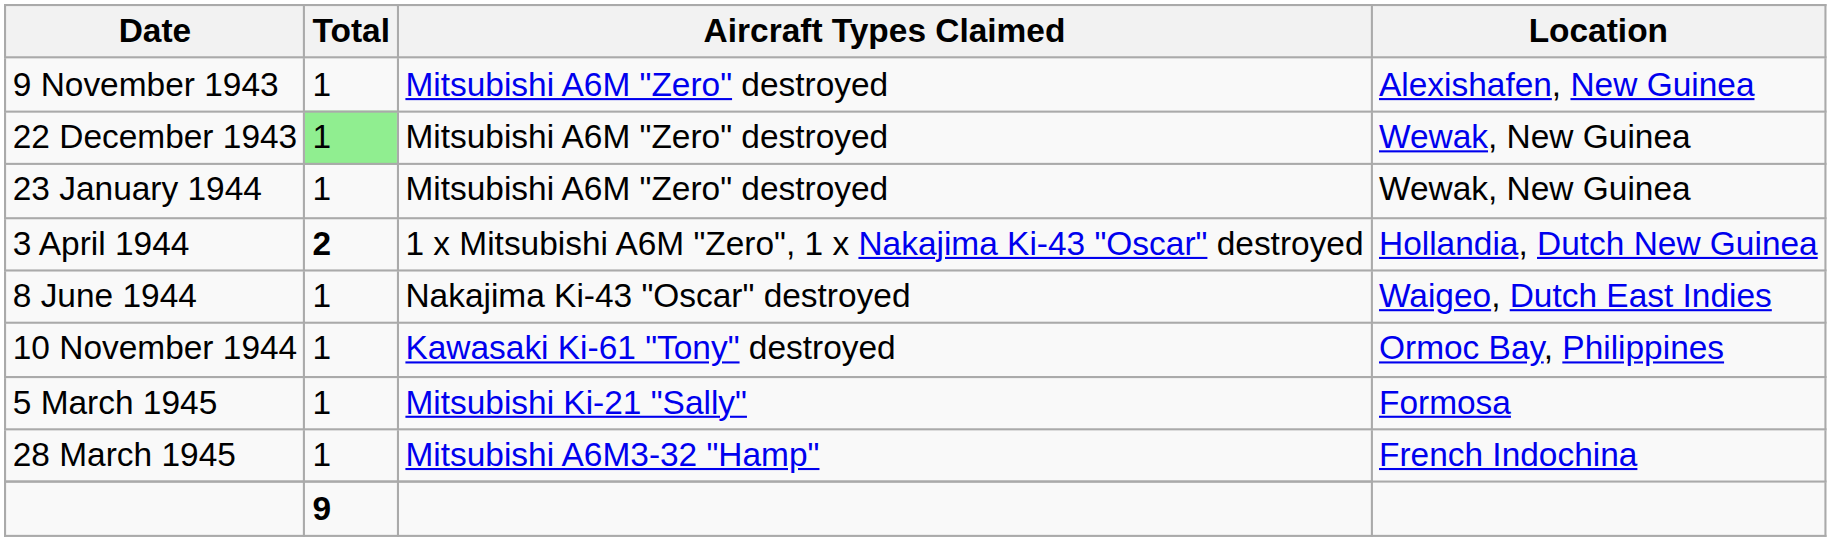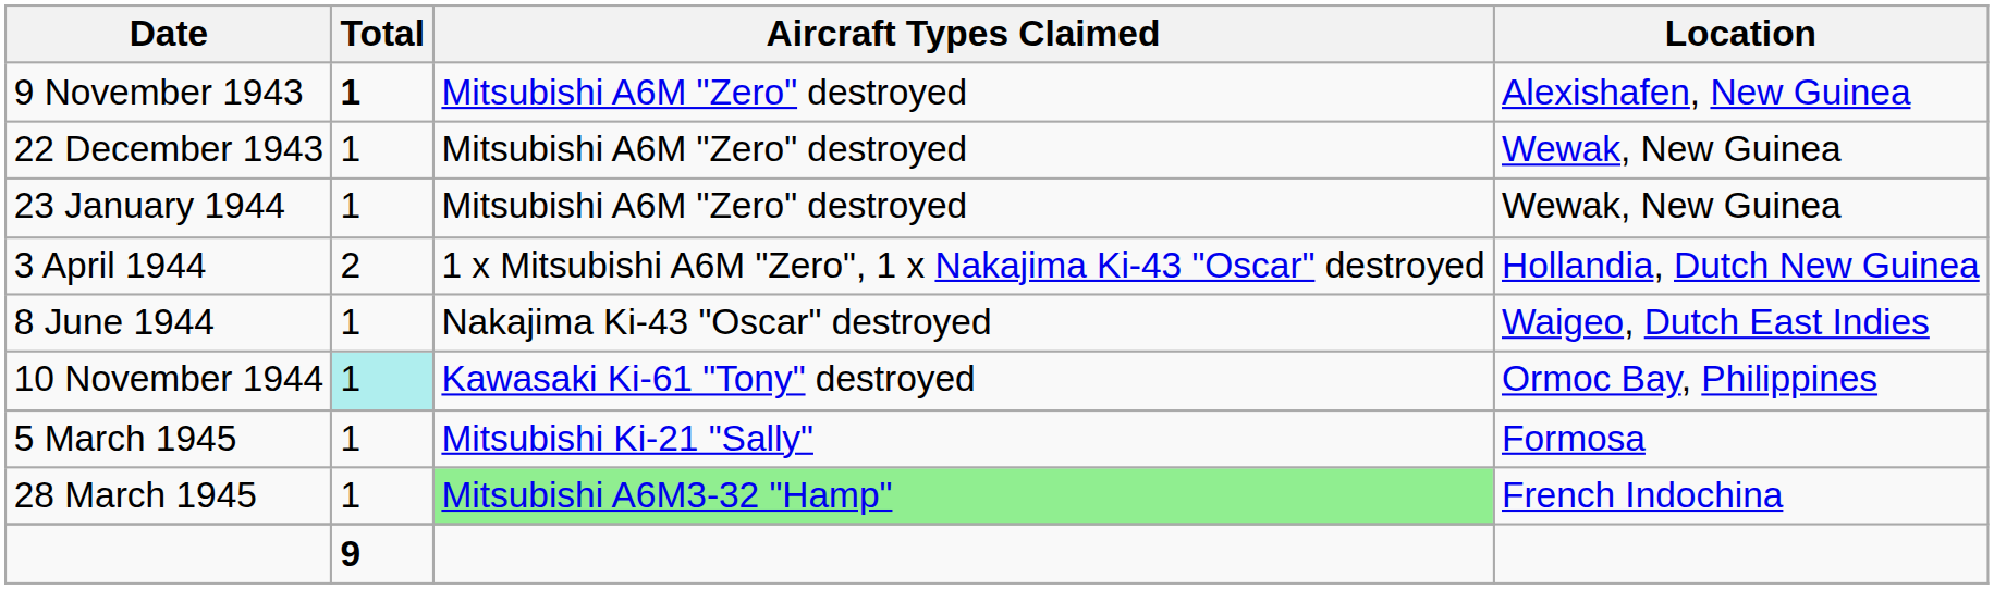 <table class="wikitable">
 <tr>
 <th>Date</th>
 <th>Total</th>
 <th>Aircraft Types Claimed</th>
 <th>Location</th>
 </tr>
 <tr>
 <td>9 November 1943</td>
-<td>1</td>
+<td><strong>1</strong></td>
 <td><a href='#'>Mitsubishi A6M "Zero"</a> destroyed</td>
 <td><a href='#'>Alexishafen</a>, <a href='#'>New Guinea</a></td>
 </tr>
 <tr>
 <td>22 December 1943</td>
-<td style="background: lightgreen;">1</td>
+<td>1</td>
 <td>Mitsubishi A6M "Zero" destroyed</td>
 <td><a href='#'>Wewak</a>, New Guinea</td>
 </tr>
 <tr>
 <td>23 January 1944</td>
 <td>1</td>
 <td>Mitsubishi A6M "Zero" destroyed</td>
 <td>Wewak, New Guinea</td>
 </tr>
 <tr ,>
 <td>3 April 1944</td>
-<td><strong>2</strong></td>
+<td>2</td>
 <td>1 x Mitsubishi A6M "Zero", 1 x <a href='#'>Nakajima Ki-43 "Oscar"</a> destroyed</td>
 <td><a href='#'>Hollandia</a>, <a href='#'>Dutch New Guinea</a></td>
 </tr>
 <tr>
 <td>8 June 1944</td>
 <td>1</td>
 <td>Nakajima Ki-43 "Oscar" destroyed</td>
 <td><a href='#'>Waigeo</a>, <a href='#'>Dutch East Indies</a></td>
 </tr>
 <tr>
 <td>10 November 1944</td>
-<td>1</td>
+<td style="background: paleturquoise;">1</td>
 <td><a href='#'>Kawasaki Ki-61 "Tony"</a> destroyed</td>
 <td><a href='#'>Ormoc Bay</a>, <a href='#'>Philippines</a></td>
 </tr>
 <tr>
 <td>5 March 1945</td>
 <td>1</td>
 <td><a href='#'>Mitsubishi Ki-21 "Sally"</a></td>
 <td><a href='#'>Formosa</a></td>
 </tr>
 <tr>
 <td>28 March 1945</td>
 <td>1</td>
-<td><a href='#'>Mitsubishi A6M3-32 "Hamp"</a></td>
+<td style="background: lightgreen;"><a href='#'>Mitsubishi A6M3-32 "Hamp"</a></td>
 <td><a href='#'>French Indochina</a></td>
 </tr>
 <tr>
 </tr>
 <tr |->
 <td></td>
 <td><strong>9</strong></td>
 <td></td>
 </tr>
 </table>
